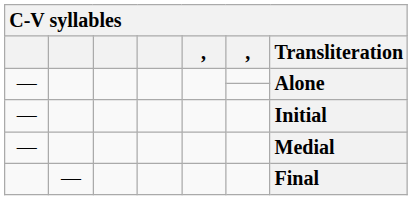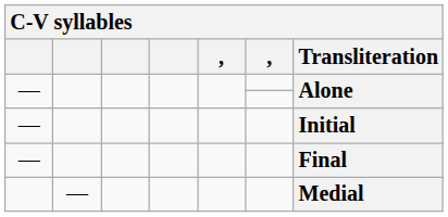 <table class="wikitable" style="text-align: center; display: inline-table;">
 <tr>
 <th colspan="7" style="text-align: left">C-V syllables</th>
 </tr>
 <tr>
 <th style="min-width: 1.75em"></th>
 <th style="min-width: 1.75em"></th>
 <th style="min-width: 1.75em"></th>
 <th style="min-width: 1.75em"></th>
 <th style="min-width: 1.75em">, </th>
 <th style="min-width: 1.75em">, </th>
 <th style="text-align: left">Transliteration</th>
 </tr>
 <tr>
 <td rowspan="2">—</td>
 <td rowspan="2"></td>
 <td rowspan="2"></td>
 <td rowspan="2"></td>
 <td rowspan="2"></td>
 <td>  </td>
 <th rowspan="2" style="text-align: left">Alone</th>
 </tr>
 <tr>
 <td>  </td>
 </tr>
 <tr>
 <td>—</td>
 <td></td>
 <td></td>
 <td></td>
 <td></td>
 <td></td>
 <th style="text-align: left">Initial</th>
 </tr>
 <tr>
 <td>—</td>
 <td></td>
 <td></td>
 <td></td>
 <td></td>
 <td></td>
-<th style="text-align: left">Medial</th>
+<th style="text-align: left">Final</th>
 </tr>
 <tr>
 <td> </td>
 <td>—</td>
 <td></td>
 <td> </td>
 <td></td>
 <td></td>
-<th style="text-align: left">Final</th>
+<th style="text-align: left">Medial</th>
 </tr>
 </table>
